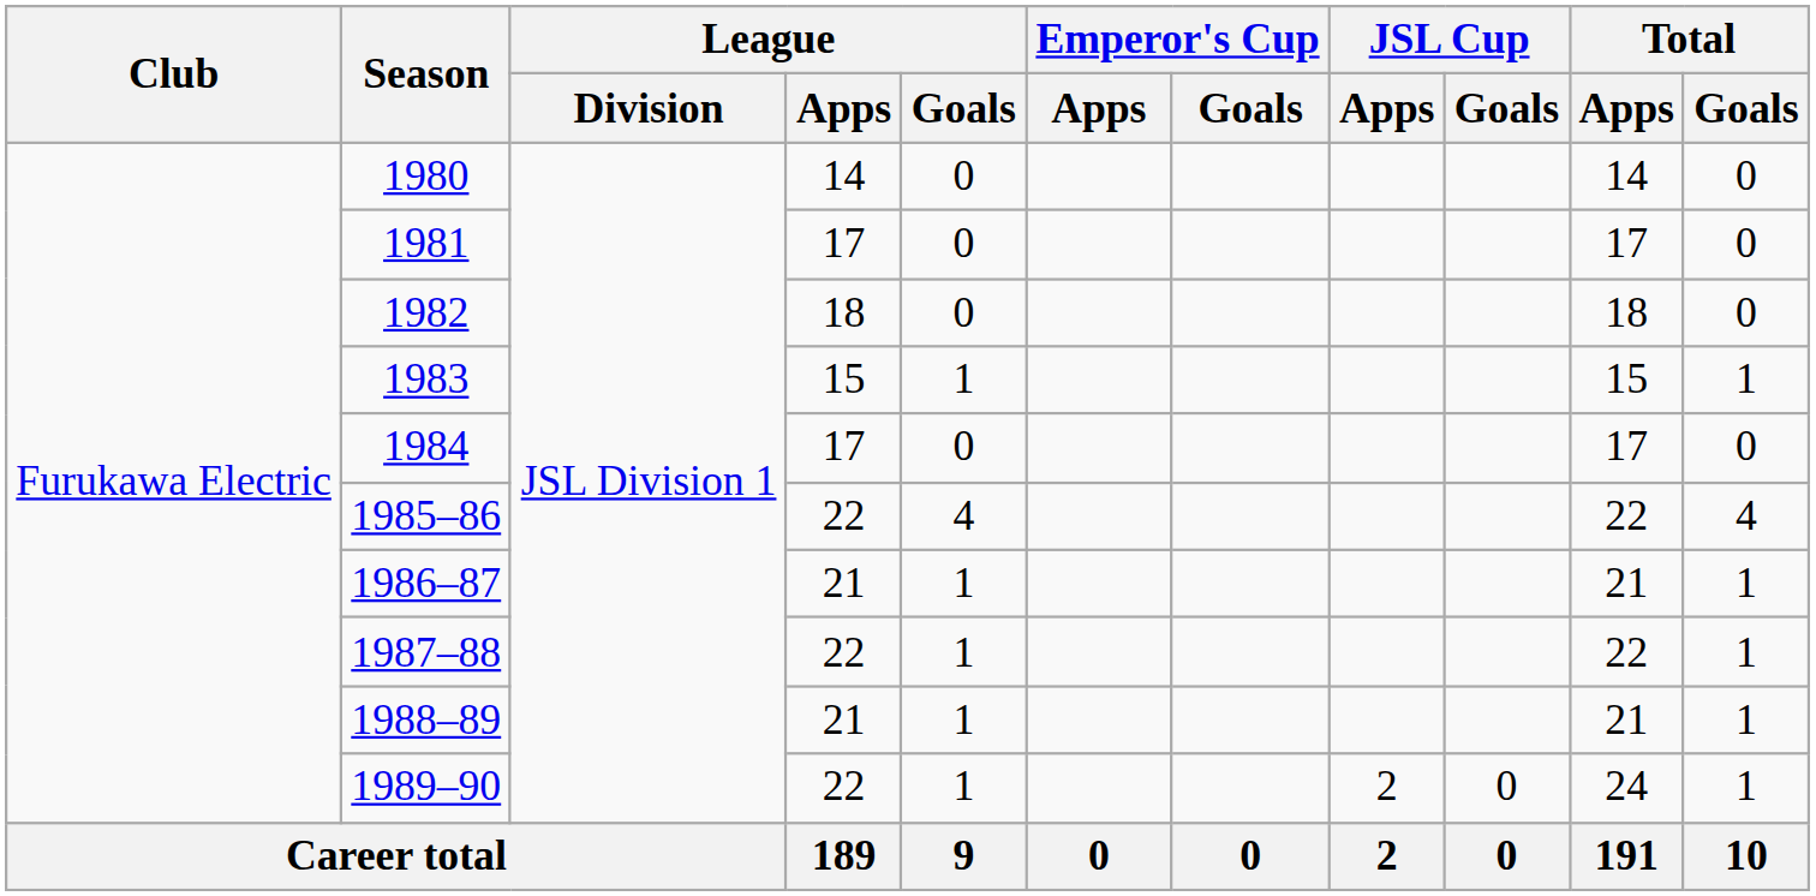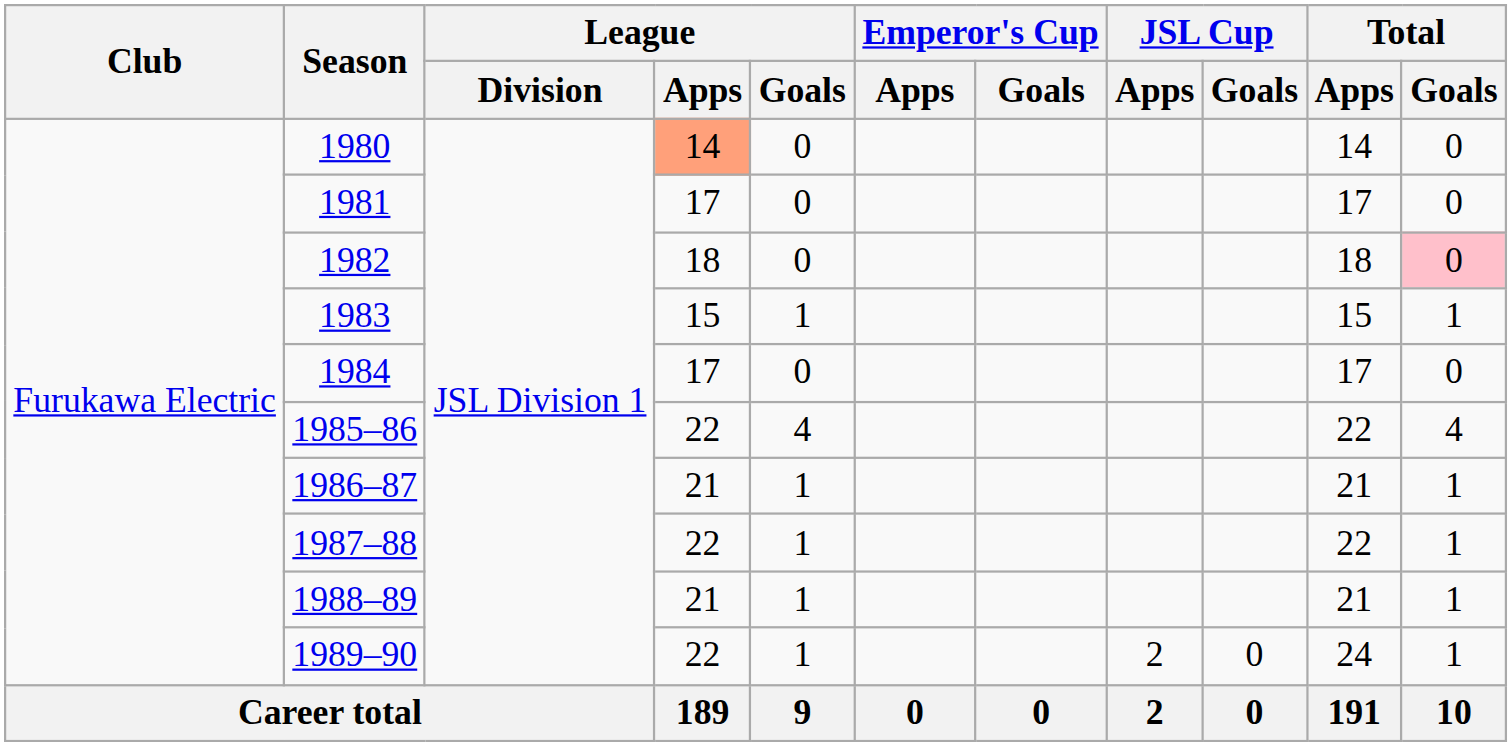 <table class="wikitable" style="text-align:center">
 <tr>
 <th rowspan="2">Club</th>
 <th rowspan="2">Season</th>
 <th colspan="3">League</th>
 <th colspan="2"><a href='#'>Emperor's Cup</a></th>
 <th colspan="2"><a href='#'>JSL Cup</a></th>
 <th colspan="2">Total</th>
 </tr>
 <tr>
 <th>Division</th>
 <th>Apps</th>
 <th>Goals</th>
 <th>Apps</th>
 <th>Goals</th>
 <th>Apps</th>
 <th>Goals</th>
 <th>Apps</th>
 <th>Goals</th>
 </tr>
 <tr>
 <td rowspan="10"><a href='#'>Furukawa Electric</a></td>
 <td><a href='#'>1980</a></td>
 <td rowspan="10"><a href='#'>JSL Division 1</a></td>
-<td>14</td>
+<td style="background: lightsalmon;">14</td>
 <td>0</td>
 <td></td>
 <td></td>
 <td></td>
 <td></td>
 <td>14</td>
 <td>0</td>
 </tr>
 <tr>
 <td><a href='#'>1981</a></td>
 <td>17</td>
 <td>0</td>
 <td></td>
 <td></td>
 <td></td>
 <td></td>
 <td>17</td>
 <td>0</td>
 </tr>
 <tr>
 <td><a href='#'>1982</a></td>
 <td>18</td>
 <td>0</td>
 <td></td>
 <td></td>
 <td></td>
 <td></td>
 <td>18</td>
-<td>0</td>
+<td style="background: pink;">0</td>
 </tr>
 <tr>
 <td><a href='#'>1983</a></td>
 <td>15</td>
 <td>1</td>
 <td></td>
 <td></td>
 <td></td>
 <td></td>
 <td>15</td>
 <td>1</td>
 </tr>
 <tr>
 <td><a href='#'>1984</a></td>
 <td>17</td>
 <td>0</td>
 <td></td>
 <td></td>
 <td></td>
 <td></td>
 <td>17</td>
 <td>0</td>
 </tr>
 <tr>
 <td><a href='#'>1985–86</a></td>
 <td>22</td>
 <td>4</td>
 <td></td>
 <td></td>
 <td></td>
 <td></td>
 <td>22</td>
 <td>4</td>
 </tr>
 <tr>
 <td><a href='#'>1986–87</a></td>
 <td>21</td>
 <td>1</td>
 <td></td>
 <td></td>
 <td></td>
 <td></td>
 <td>21</td>
 <td>1</td>
 </tr>
 <tr>
 <td><a href='#'>1987–88</a></td>
 <td>22</td>
 <td>1</td>
 <td></td>
 <td></td>
 <td></td>
 <td></td>
 <td>22</td>
 <td>1</td>
 </tr>
 <tr>
 <td><a href='#'>1988–89</a></td>
 <td>21</td>
 <td>1</td>
 <td></td>
 <td></td>
 <td></td>
 <td></td>
 <td>21</td>
 <td>1</td>
 </tr>
 <tr>
 <td><a href='#'>1989–90</a></td>
 <td>22</td>
 <td>1</td>
 <td></td>
 <td></td>
 <td>2</td>
 <td>0</td>
 <td>24</td>
 <td>1</td>
 </tr>
 <tr>
 <th colspan="3">Career total</th>
 <th>189</th>
 <th>9</th>
 <th>0</th>
 <th>0</th>
 <th>2</th>
 <th>0</th>
 <th>191</th>
 <th>10</th>
 </tr>
 </table>
